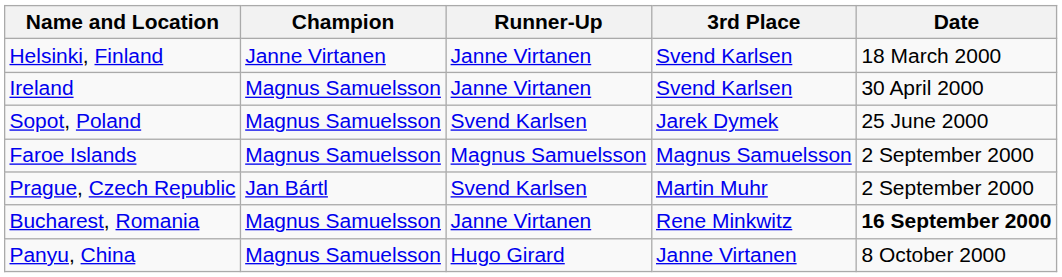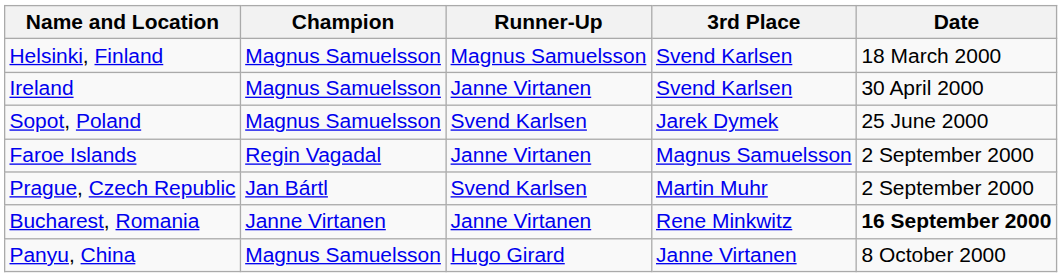 <table class="wikitable" style="display: inline-table">
 <tr>
 <th>Name and Location</th>
 <th>Champion</th>
 <th>Runner-Up</th>
 <th>3rd Place</th>
 <th>Date</th>
 </tr>
 <tr>
 <td> <a href='#'>Helsinki</a>, <a href='#'>Finland</a> <br> </td>
-<td> <a href='#'>Janne Virtanen</a></td>
-<td> <a href='#'>Janne Virtanen</a></td>
+<td> <a href='#'>Magnus Samuelsson</a></td>
+<td> <a href='#'>Magnus Samuelsson</a></td>
 <td> <a href='#'>Svend Karlsen</a></td>
 <td>18 March 2000</td>
 </tr>
 <tr>
 <td> <a href='#'>Ireland</a> <br> </td>
 <td> <a href='#'>Magnus Samuelsson</a></td>
 <td> <a href='#'>Janne Virtanen</a></td>
 <td> <a href='#'>Svend Karlsen</a></td>
 <td>30 April 2000</td>
 </tr>
 <tr>
 <td> <a href='#'>Sopot</a>, <a href='#'>Poland</a> <br> </td>
 <td> <a href='#'>Magnus Samuelsson</a></td>
 <td> <a href='#'>Svend Karlsen</a></td>
 <td> <a href='#'>Jarek Dymek</a></td>
 <td>25 June 2000</td>
 </tr>
 <tr>
 <td> <a href='#'>Faroe Islands</a> <br> </td>
-<td> <a href='#'>Magnus Samuelsson</a></td>
-<td> <a href='#'>Magnus Samuelsson</a></td>
+<td> <a href='#'>Regin Vagadal</a></td>
+<td> <a href='#'>Janne Virtanen</a></td>
 <td> <a href='#'>Magnus Samuelsson</a></td>
 <td>2 September 2000</td>
 </tr>
 <tr>
 <td> <a href='#'>Prague</a>, <a href='#'>Czech Republic</a> <br> </td>
 <td> <a href='#'>Jan Bártl</a></td>
 <td> <a href='#'>Svend Karlsen</a></td>
 <td> <a href='#'>Martin Muhr</a></td>
 <td>2 September 2000</td>
 </tr>
 <tr>
 <td> <a href='#'>Bucharest</a>, <a href='#'>Romania</a> <br> </td>
-<td> <a href='#'>Magnus Samuelsson</a></td>
+<td> <a href='#'>Janne Virtanen</a></td>
 <td> <a href='#'>Janne Virtanen</a></td>
 <td> <a href='#'>Rene Minkwitz</a></td>
 <td><strong>16 September 2000</strong></td>
 </tr>
 <tr>
 <td> <a href='#'>Panyu</a>, <a href='#'>China</a> <br> </td>
 <td> <a href='#'>Magnus Samuelsson</a></td>
 <td> <a href='#'>Hugo Girard</a></td>
 <td> <a href='#'>Janne Virtanen</a></td>
 <td>8 October 2000</td>
 </tr>
 </table>
